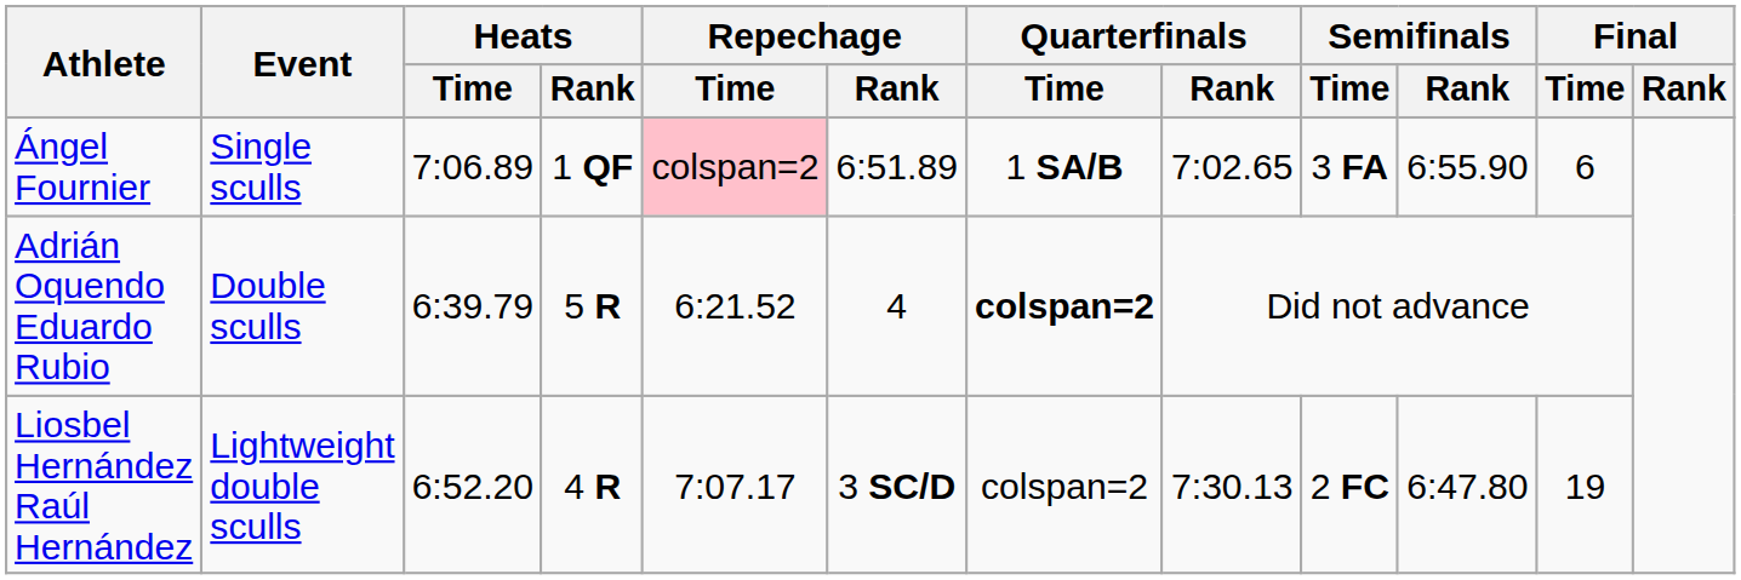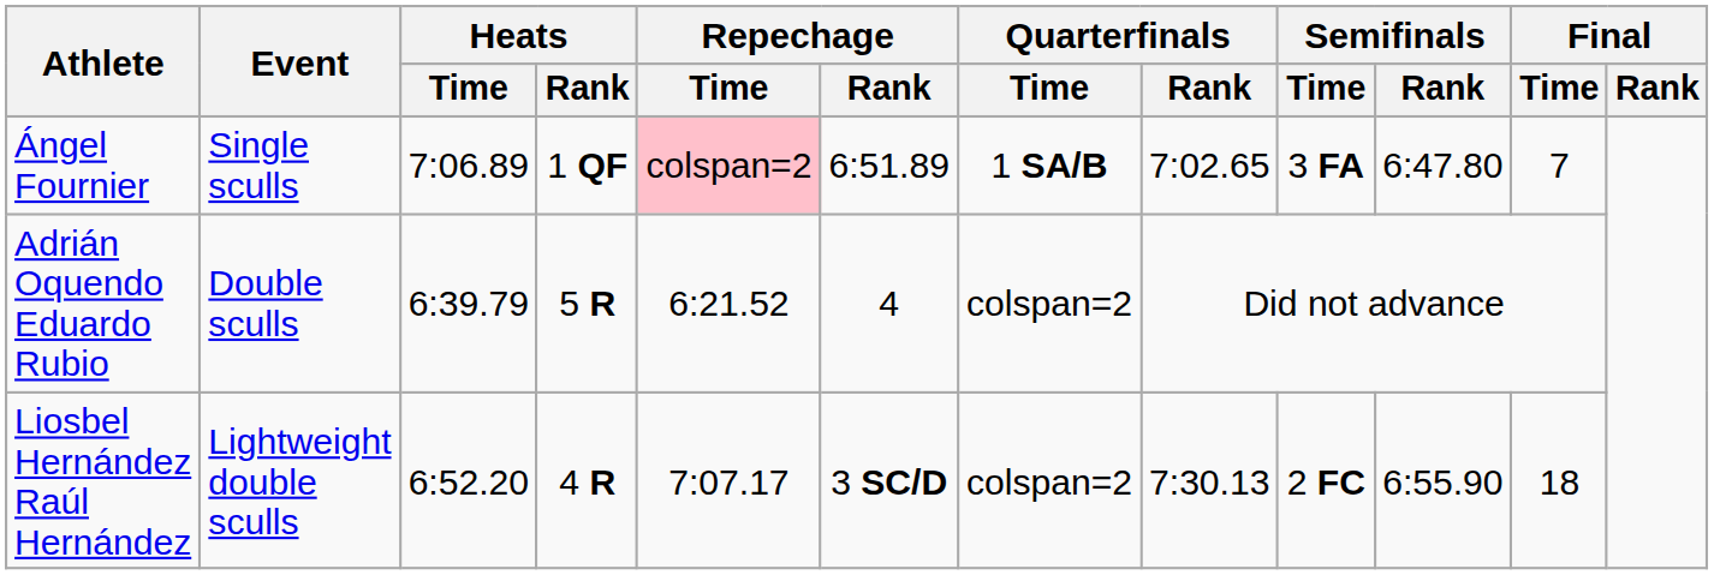 <table class="wikitable" style="font-size:90%">
 <tr>
 <th rowspan="2">Athlete</th>
 <th rowspan="2">Event</th>
 <th colspan="2">Heats</th>
 <th colspan="2">Repechage</th>
 <th colspan="2">Quarterfinals</th>
 <th colspan="2">Semifinals</th>
 <th colspan="2">Final</th>
 </tr>
 <tr style="font-size:95%">
 <th>Time</th>
 <th>Rank</th>
 <th>Time</th>
 <th>Rank</th>
 <th>Time</th>
 <th>Rank</th>
 <th>Time</th>
 <th>Rank</th>
 <th>Time</th>
 <th>Rank</th>
 </tr>
 <tr align=center>
 <td align=left><a href='#'>Ángel Fournier</a></td>
 <td align=left><a href='#'>Single sculls</a></td>
 <td>7:06.89</td>
 <td>1 <strong>QF</strong></td>
 <td style="background: pink;">colspan=2 </td>
 <td>6:51.89</td>
 <td>1 <strong>SA/B</strong></td>
 <td>7:02.65</td>
 <td>3 <strong>FA</strong></td>
-<td>6:55.90</td>
-<td>6</td>
+<td>6:47.80</td>
+<td>7</td>
 </tr>
 <tr align=center>
 <td align=left><a href='#'>Adrián Oquendo</a><br><a href='#'>Eduardo Rubio</a></td>
 <td align=left><a href='#'>Double sculls</a></td>
 <td>6:39.79</td>
 <td>5 <strong>R</strong></td>
 <td>6:21.52</td>
 <td>4</td>
-<td><strong>colspan=2 </strong></td>
+<td>colspan=2 </td>
 <td colspan=4>Did not advance</td>
 </tr>
 <tr align=center>
 <td align=left><a href='#'>Liosbel Hernández</a><br><a href='#'>Raúl Hernández</a></td>
 <td align=left><a href='#'>Lightweight double sculls</a></td>
 <td>6:52.20</td>
 <td>4 <strong>R</strong></td>
 <td>7:07.17</td>
 <td>3 <strong>SC/D</strong></td>
 <td>colspan=2 </td>
 <td>7:30.13</td>
 <td>2 <strong>FC</strong></td>
-<td>6:47.80</td>
-<td>19</td>
+<td>6:55.90</td>
+<td>18</td>
 </tr>
 </table>
